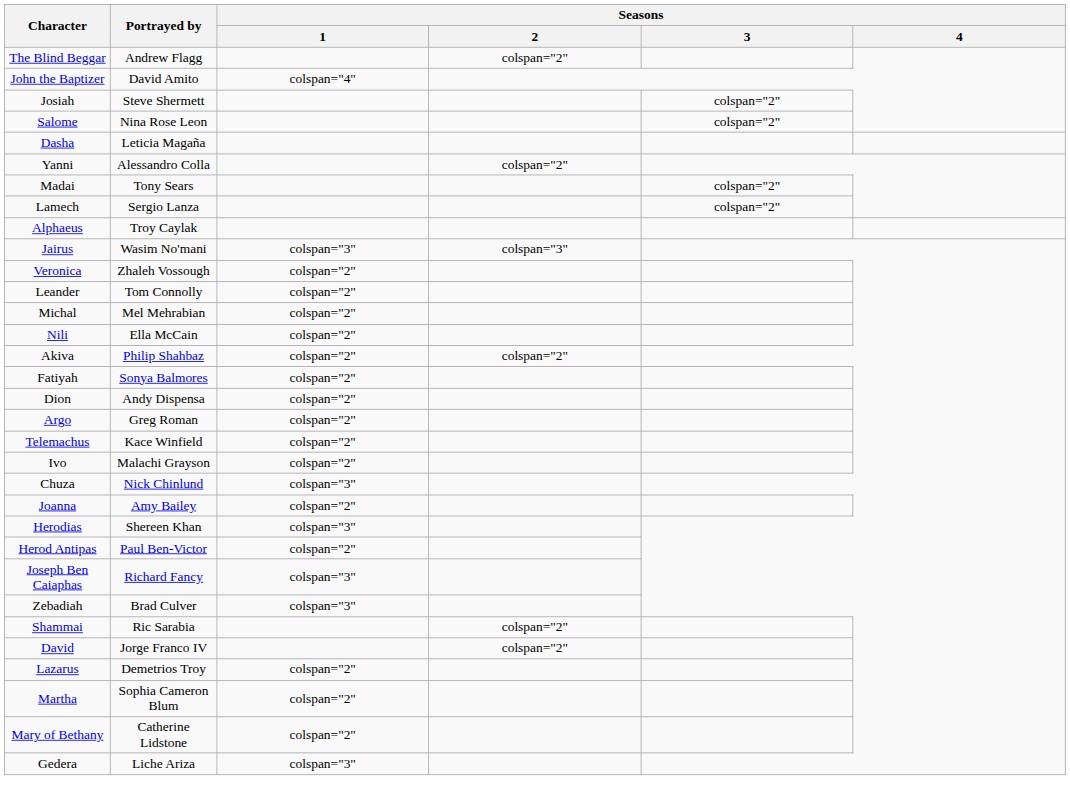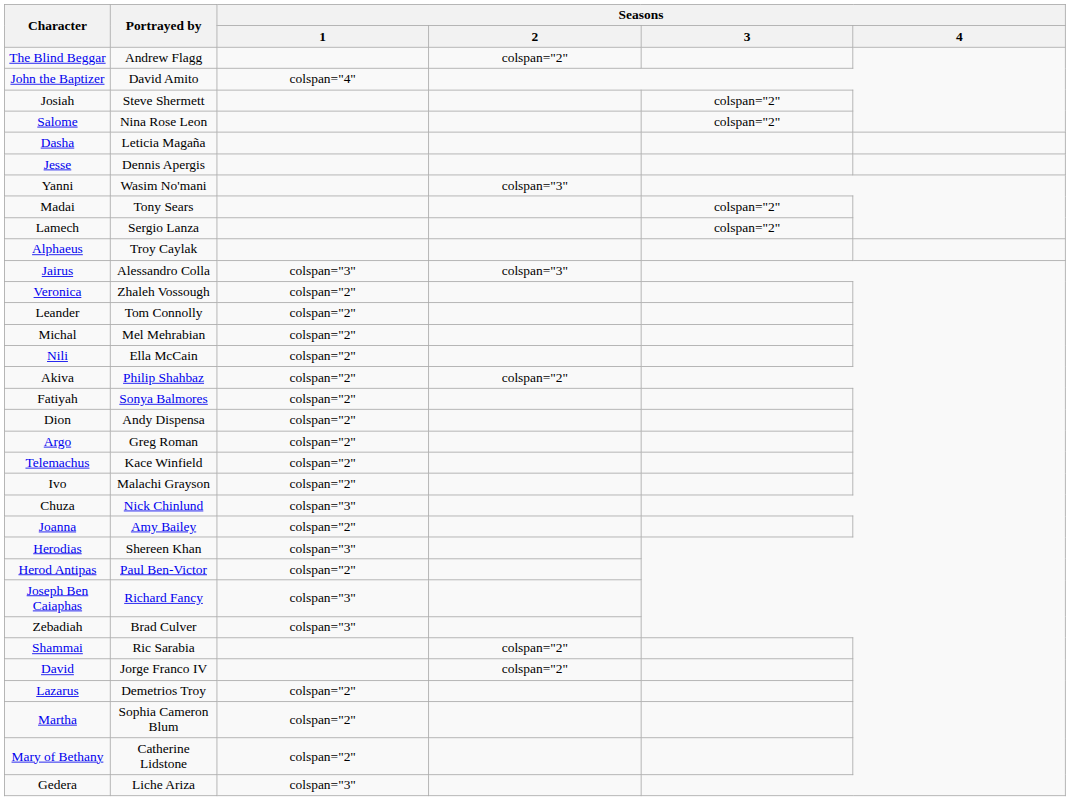 <table class="wikitable plainrowheaders" style="text-align:center; font-size:100%; width:100%">
 <tr>
 <th scope="col" rowspan="2" style="width:10%; min-width:110px;">Character</th>
 <th scope="col" rowspan="2" style="width:10%; min-width:110px;">Portrayed by</th>
 <th scope="col" colspan="4">Seasons</th>
 </tr>
 <tr>
 <th scope="col" style="width: 80px;">1</th>
 <th scope="col" style="width: 80px;">2</th>
 <th scope="col" style="width: 80px;">3</th>
 <th scope="col" style="width: 80px;">4</th>
 </tr>
 <tr>
 <td scope="row"><a href='#'>The Blind Beggar</a></td>
 <td>Andrew Flagg</td>
 <td></td>
 <td>colspan="2" </td>
 <td></td>
 </tr>
 <tr>
 <td scope="row"><a href='#'>John the Baptizer</a></td>
 <td>David Amito</td>
 <td>colspan="4" </td>
 </tr>
 <tr>
 <td scope="row">Josiah</td>
 <td>Steve Shermett</td>
 <td></td>
 <td></td>
 <td>colspan="2" </td>
 </tr>
 <tr>
 <td scope="row"><a href='#'>Salome</a></td>
 <td>Nina Rose Leon</td>
 <td></td>
 <td></td>
 <td>colspan="2" </td>
 </tr>
 <tr>
 <td scope="row"><a href='#'>Dasha</a></td>
 <td>Leticia Magaña</td>
 <td></td>
 <td></td>
 <td></td>
 <td></td>
 </tr>
 <tr>
+<td scope="row"><a href='#'>Jesse</a></td>
+<td>Dennis Apergis</td>
+<td></td>
+<td></td>
+<td></td>
+<td></td>
+</tr>
+<tr>
 <td scope="row">Yanni</td>
-<td>Alessandro Colla</td>
+<td>Wasim No'mani</td>
 <td></td>
-<td>colspan="2" </td>
+<td>colspan="3" </td>
 </tr>
 <tr>
 <td scope="row">Madai</td>
 <td>Tony Sears</td>
 <td></td>
 <td></td>
 <td>colspan="2" </td>
 </tr>
 <tr>
 <td scope="row">Lamech</td>
 <td>Sergio Lanza</td>
 <td></td>
 <td></td>
 <td>colspan="2" </td>
 </tr>
 <tr>
 <td scope="row"><a href='#'>Alphaeus</a></td>
 <td>Troy Caylak</td>
 <td></td>
 <td></td>
 <td></td>
 <td></td>
 </tr>
 <tr>
 <td scope="row"><a href='#'>Jairus</a></td>
-<td>Wasim No'mani</td>
+<td>Alessandro Colla</td>
 <td>colspan="3" </td>
 <td>colspan="3" </td>
 </tr>
 <tr>
 <td scope="row"><a href='#'>Veronica</a></td>
 <td>Zhaleh Vossough</td>
 <td>colspan="2" </td>
 <td></td>
 <td></td>
 </tr>
 <tr>
 <td scope="row">Leander</td>
 <td>Tom Connolly</td>
 <td>colspan="2" </td>
 <td></td>
 <td></td>
 </tr>
 <tr>
 <td scope="row">Michal</td>
 <td>Mel Mehrabian</td>
 <td>colspan="2" </td>
 <td></td>
 <td></td>
 </tr>
 <tr>
 <td scope="row"><a href='#'>Nili</a></td>
 <td>Ella McCain</td>
 <td>colspan="2" </td>
 <td></td>
 <td></td>
 </tr>
 <tr>
 <td scope="row">Akiva</td>
 <td><a href='#'>Philip Shahbaz</a></td>
 <td>colspan="2" </td>
 <td>colspan="2" </td>
 </tr>
 <tr>
 <td scope="row">Fatiyah</td>
 <td><a href='#'>Sonya Balmores</a></td>
 <td>colspan="2" </td>
 <td></td>
 <td></td>
 </tr>
 <tr>
 <td scope="row">Dion</td>
 <td>Andy Dispensa</td>
 <td>colspan="2" </td>
 <td></td>
 <td></td>
 </tr>
 <tr>
 <td scope="row"><a href='#'>Argo</a></td>
 <td>Greg Roman</td>
 <td>colspan="2" </td>
 <td></td>
 <td></td>
 </tr>
 <tr>
 <td scope="row"><a href='#'>Telemachus</a></td>
 <td>Kace Winfield</td>
 <td>colspan="2" </td>
 <td></td>
 <td></td>
 </tr>
 <tr>
 <td scope="row">Ivo</td>
 <td>Malachi Grayson</td>
 <td>colspan="2" </td>
 <td></td>
 <td></td>
 </tr>
 <tr>
 <td scope="row">Chuza</td>
 <td><a href='#'>Nick Chinlund</a></td>
 <td>colspan="3" </td>
 <td></td>
 </tr>
 <tr>
 <td scope="row"><a href='#'>Joanna</a></td>
 <td><a href='#'>Amy Bailey</a></td>
 <td>colspan="2" </td>
 <td></td>
 <td></td>
 </tr>
 <tr>
 <td scope="row"><a href='#'>Herodias</a></td>
 <td>Shereen Khan</td>
 <td>colspan="3" </td>
 <td></td>
 </tr>
 <tr>
 <td scope="row"><a href='#'>Herod Antipas</a></td>
 <td><a href='#'>Paul Ben-Victor</a></td>
 <td>colspan="2" </td>
 <td></td>
 </tr>
 <tr>
 <td scope="row"><a href='#'>Joseph Ben Caiaphas</a></td>
 <td><a href='#'>Richard Fancy</a></td>
 <td>colspan="3" </td>
 <td></td>
 </tr>
 <tr>
 <td scope="row">Zebadiah</td>
 <td>Brad Culver</td>
 <td>colspan="3" </td>
 <td></td>
 </tr>
 <tr>
 <td scope="row"><a href='#'>Shammai</a></td>
 <td>Ric Sarabia</td>
 <td></td>
 <td>colspan="2" </td>
 <td></td>
 </tr>
 <tr>
 <td scope="row"><a href='#'>David</a></td>
 <td>Jorge Franco IV</td>
 <td></td>
 <td>colspan="2" </td>
 <td></td>
 </tr>
 <tr>
 <td scope="row"><a href='#'>Lazarus</a></td>
 <td>Demetrios Troy</td>
 <td>colspan="2" </td>
 <td></td>
 <td></td>
 </tr>
 <tr>
 <td scope="row"><a href='#'>Martha</a></td>
 <td>Sophia Cameron Blum</td>
 <td>colspan="2" </td>
 <td></td>
 <td></td>
 </tr>
 <tr>
 <td scope="row"><a href='#'>Mary of Bethany</a></td>
 <td>Catherine Lidstone</td>
 <td>colspan="2" </td>
 <td></td>
 <td></td>
 </tr>
 <tr>
 <td scope="row">Gedera</td>
 <td>Liche Ariza</td>
 <td>colspan="3" </td>
 <td></td>
 </tr>
 </table>
